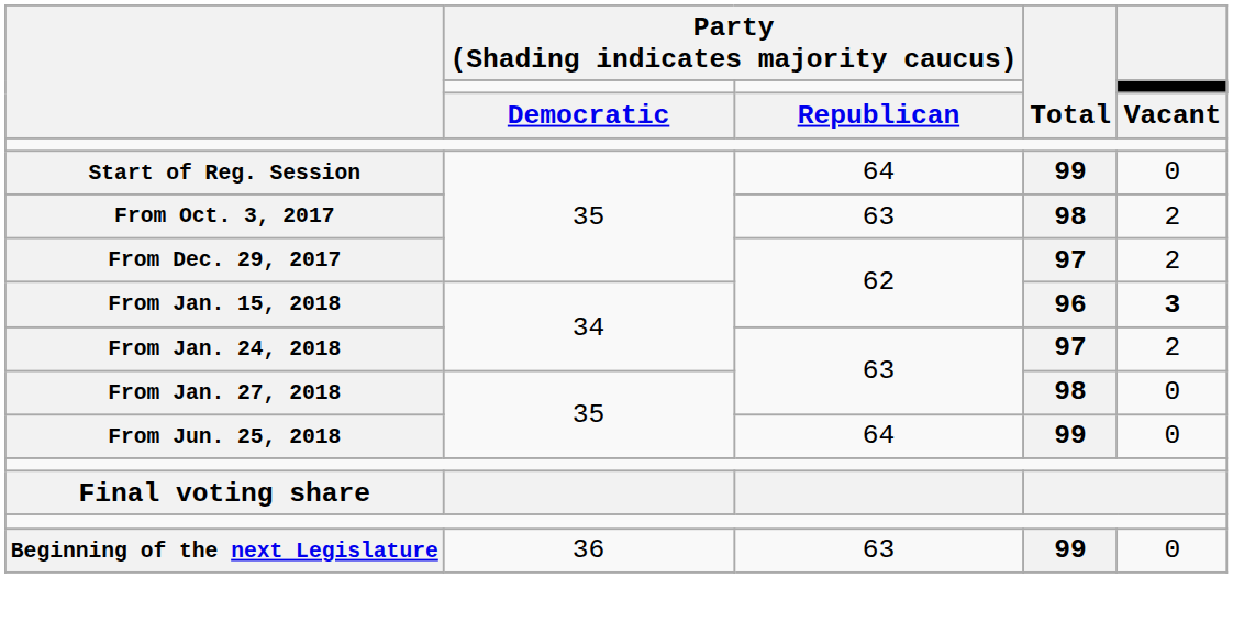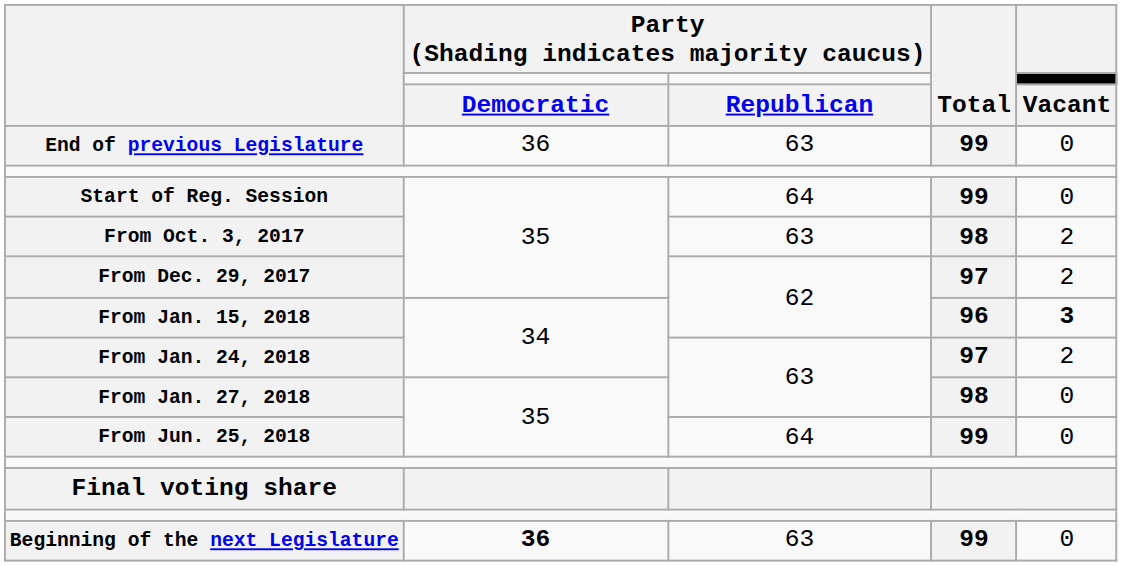 <table class=wikitable style="text-align:center">
 <tr style="vertical-align:bottom;">
 <th rowspan=3></th>
 <th colspan=2>Party <div>(Shading indicates majority caucus)</div></th>
 <th rowspan=3>Total</th>
 <th></th>
 </tr>
 <tr style="height:5px">
 <td style="background-color:"></td>
 <td style="background-color:"></td>
 <td style="background-color:black"></td>
 </tr>
 <tr>
 <th><a href='#'>Democratic</a></th>
 <th><a href='#'>Republican</a></th>
 <th>Vacant</th>
+</tr>
+<tr>
+<th nowrap style="font-size:80%">End of <a href='#'>previous Legislature</a></th>
+<td>36</td>
+<td>63</td>
+<th>99</th>
+<td>0</td>
 </tr>
 <tr>
 <td colspan=5></td>
 </tr>
 <tr>
 <th nowrap style="font-size:80%">Start of Reg. Session</th>
 <td rowspan="3">35</td>
 <td>64</td>
 <th>99</th>
 <td>0</td>
 </tr>
 <tr>
 <th nowrap style="font-size:80%">From Oct. 3, 2017</th>
 <td>63</td>
 <th>98</th>
 <td>2</td>
 </tr>
 <tr>
 <th nowrap style="font-size:80%">From Dec. 29, 2017</th>
 <td rowspan="2" >62</td>
 <th>97</th>
 <td>2</td>
 </tr>
 <tr>
 <th nowrap style="font-size:80%">From Jan. 15, 2018</th>
 <td rowspan="2">34</td>
 <th>96</th>
 <td><strong>3</strong></td>
 </tr>
 <tr>
 <th nowrap style="font-size:80%">From Jan. 24, 2018</th>
 <td rowspan="2" >63</td>
 <th>97</th>
 <td>2</td>
 </tr>
 <tr>
 <th nowrap style="font-size:80%">From Jan. 27, 2018</th>
 <td rowspan="2">35</td>
 <th>98</th>
 <td>0</td>
 </tr>
 <tr>
 <th nowrap style="font-size:80%">From Jun. 25, 2018</th>
 <td>64</td>
 <th>99</th>
 <td>0</td>
 </tr>
 <tr>
 <td colspan=5></td>
 </tr>
 <tr>
 <th>Final voting share</th>
 <th></th>
 <th></th>
 <th colspan=2></th>
 </tr>
 <tr>
 <td colspan=5></td>
 </tr>
 <tr>
 <th style="white-space:nowrap; font-size:80%;">Beginning of the <a href='#'>next Legislature</a></th>
-<td>36</td>
+<td><strong>36</strong></td>
 <td>63</td>
 <th>99</th>
 <td>0</td>
 </tr>
 </table>
